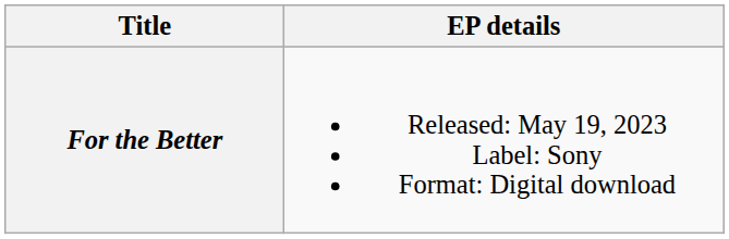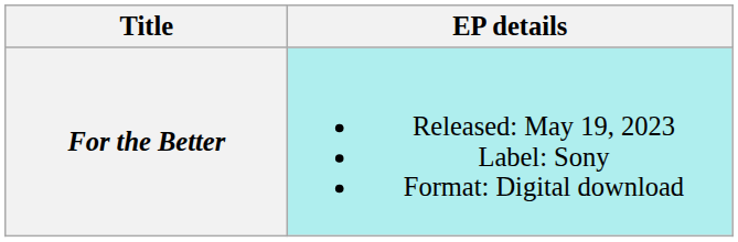 <table class="wikitable plainrowheaders" style="text-align:center;">
 <tr>
 <th scope="col" style="width:10em;">Title</th>
 <th scope="col" style="width:16em;">EP details</th>
 </tr>
 <tr>
 <th scope="row"><em>For the Better</em></th>
-<td><br><ul><li>Released: May 19, 2023</li><li>Label: Sony</li><li>Format: Digital download</li></ul></td>
+<td style="background: paleturquoise;"><br><ul><li>Released: May 19, 2023</li><li>Label: Sony</li><li>Format: Digital download</li></ul></td>
 </tr>
 </table>
